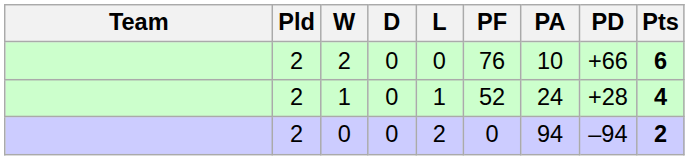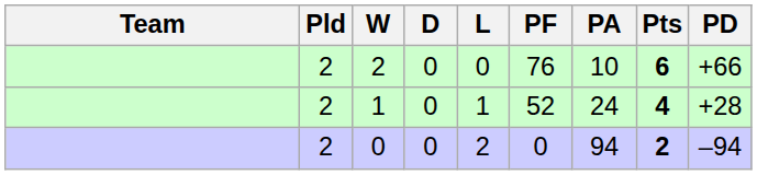 <table class="wikitable" style="text-align:center;">
 <tr>
 <th width=175>Team</th>
 <th width=25 abbr="Played">Pld</th>
 <th width=25 abbr="Won">W</th>
 <th width=25 abbr="Drawn">D</th>
 <th width=25 abbr="Lost">L</th>
 <th width=32 abbr="Points for">PF</th>
 <th width=32 abbr="Points against">PA</th>
+<th width=25 abbr="Points">Pts</th>
 <th width=32 abbr="Points difference">PD</th>
-<th width=25 abbr="Points">Pts</th>
 </tr>
 <tr bgcolor=ccffcc>
 <td align=left></td>
 <td>2</td>
 <td>2</td>
 <td>0</td>
 <td>0</td>
 <td>76</td>
 <td>10</td>
+<td><strong>6</strong></td>
 <td>+66</td>
-<td><strong>6</strong></td>
 </tr>
 <tr bgcolor=ccffcc>
 <td align=left></td>
 <td>2</td>
 <td>1</td>
 <td>0</td>
 <td>1</td>
 <td>52</td>
 <td>24</td>
+<td><strong>4</strong></td>
 <td>+28</td>
-<td><strong>4</strong></td>
 </tr>
 <tr bgcolor=ccccff>
 <td align=left></td>
 <td>2</td>
 <td>0</td>
 <td>0</td>
 <td>2</td>
 <td>0</td>
 <td>94</td>
+<td><strong>2</strong></td>
 <td>–94</td>
-<td><strong>2</strong></td>
 </tr>
 </table>
